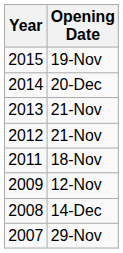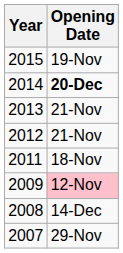 <table class="wikitable sortable" border="1">
 <tr>
 <th>Year</th>
 <th>Opening<br>Date</th>
 </tr>
 <tr>
 <td>2015</td>
 <td>19-Nov </td>
 </tr>
 <tr>
 <td>2014</td>
-<td>20-Dec </td>
+<td><strong>20-Dec </strong></td>
 </tr>
 <tr>
 <td>2013</td>
 <td>21-Nov</td>
 </tr>
 <tr>
 <td>2012</td>
 <td>21-Nov</td>
 </tr>
 <tr>
 <td>2011</td>
 <td>18-Nov </td>
 </tr>
 <tr>
 <td>2009</td>
-<td>12-Nov</td>
+<td style="background: pink;">12-Nov</td>
 </tr>
 <tr>
 <td>2008</td>
 <td>14-Dec </td>
 </tr>
 <tr>
 <td>2007</td>
 <td>29-Nov </td>
 </tr>
 </table>
